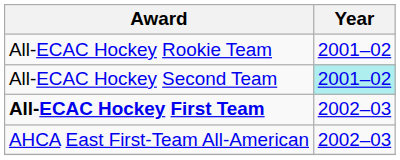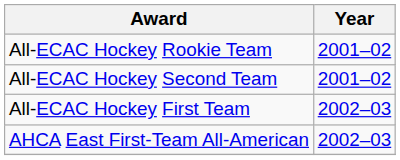 <table class="wikitable">
 <tr>
 <th>Award</th>
 <th>Year</th>
 </tr>
 <tr>
 <td>All-<a href='#'>ECAC Hockey</a> <a href='#'>Rookie Team</a></td>
 <td><a href='#'>2001–02</a></td>
 </tr>
 <tr>
 <td>All-<a href='#'>ECAC Hockey</a> <a href='#'>Second Team</a></td>
-<td style="background: paleturquoise;"><a href='#'>2001–02</a></td>
+<td><a href='#'>2001–02</a></td>
 </tr>
 <tr>
-<td><strong>All-<a href='#'>ECAC Hockey</a> <a href='#'>First Team</a></strong></td>
+<td>All-<a href='#'>ECAC Hockey</a> <a href='#'>First Team</a></td>
 <td><a href='#'>2002–03</a></td>
 </tr>
 <tr>
 <td><a href='#'>AHCA</a> <a href='#'>East First-Team All-American</a></td>
 <td><a href='#'>2002–03</a></td>
 </tr>
 <tr>
 </tr>
 </table>
